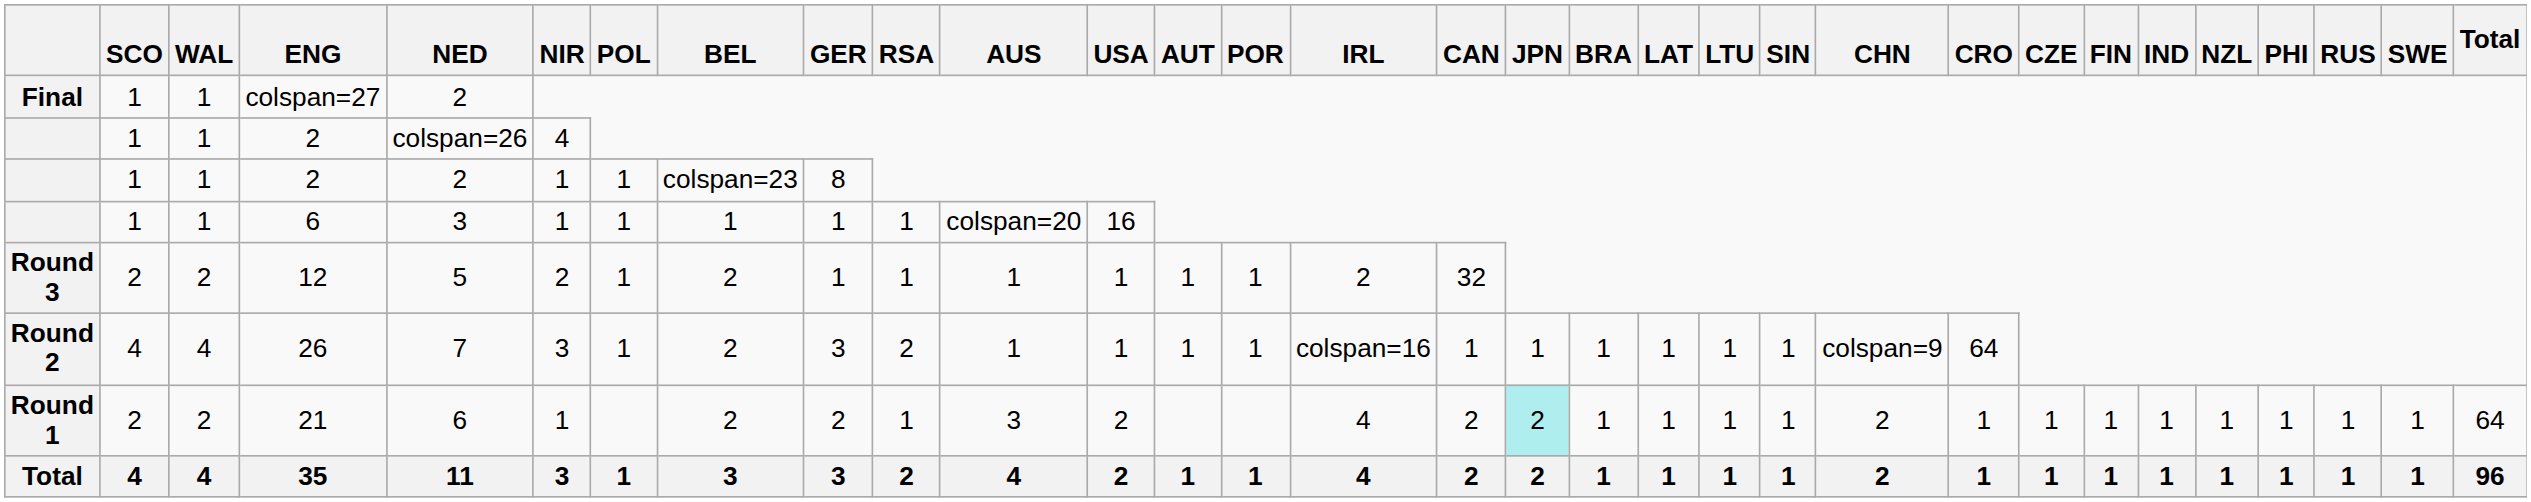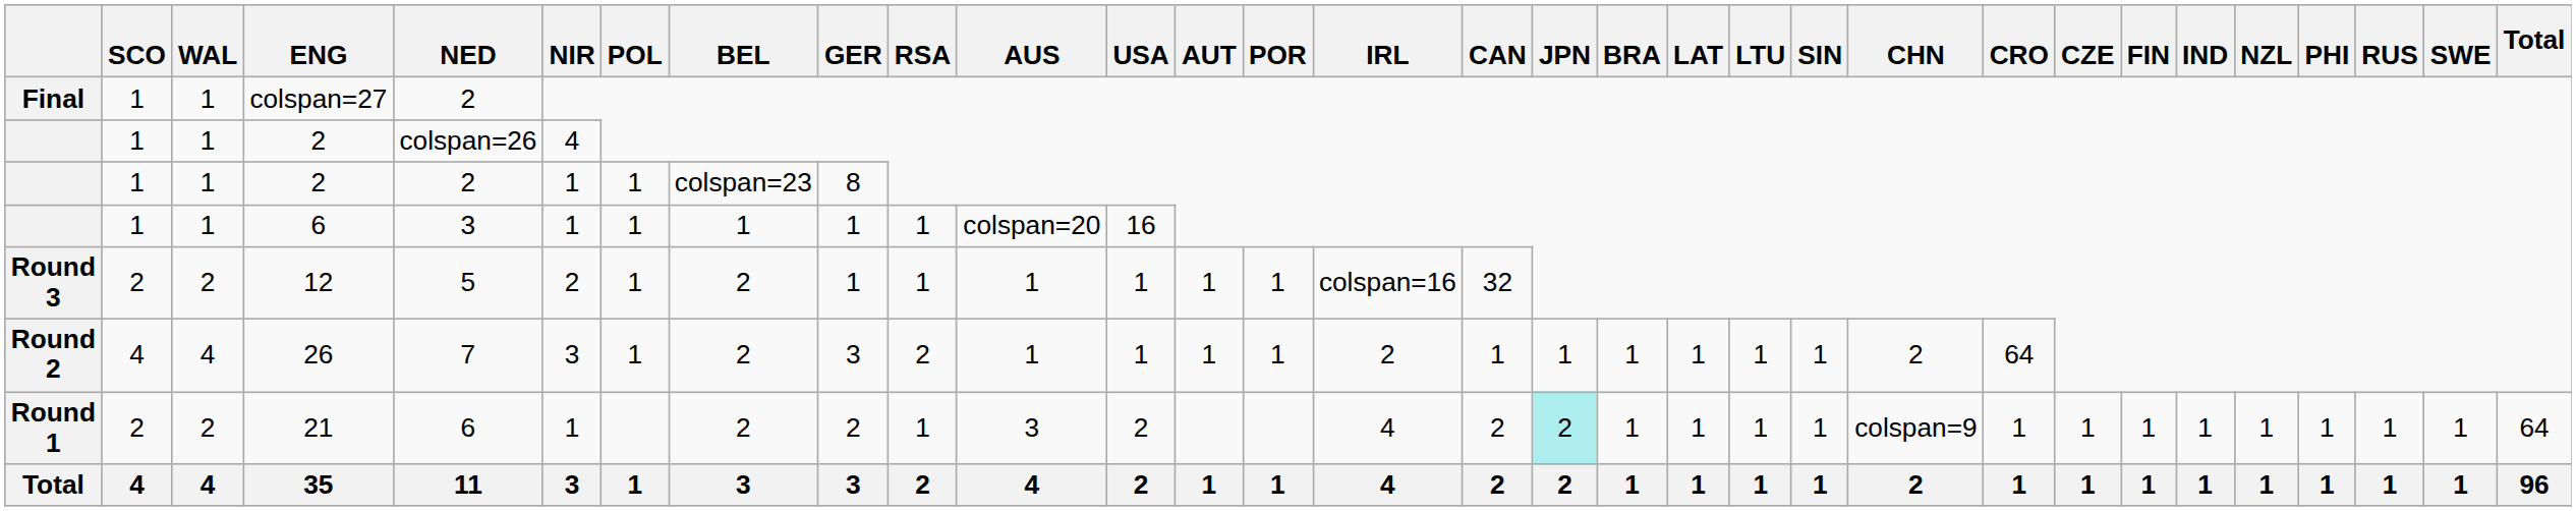 <table class="wikitable">
 <tr>
 <th></th>
 <th><br>SCO</th>
 <th><br>WAL</th>
 <th><br>ENG</th>
 <th><br>NED</th>
 <th><br>NIR</th>
 <th><br>POL</th>
 <th><br>BEL</th>
 <th><br>GER</th>
 <th><br>RSA</th>
 <th><br>AUS</th>
 <th><br>USA</th>
 <th><br>AUT</th>
 <th><br>POR</th>
 <th><br>IRL</th>
 <th><br>CAN</th>
 <th><br>JPN</th>
 <th><br>BRA</th>
 <th><br>LAT</th>
 <th><br>LTU</th>
 <th><br>SIN</th>
 <th><br>CHN</th>
 <th><br>CRO</th>
 <th><br>CZE</th>
 <th><br>FIN</th>
 <th><br>IND</th>
 <th><br>NZL</th>
 <th><br>PHI</th>
 <th><br>RUS</th>
 <th><br>SWE</th>
 <th>Total</th>
 </tr>
 <tr align="center">
 <th>Final</th>
 <td>1</td>
 <td>1</td>
 <td>colspan=27 </td>
 <td>2</td>
 </tr>
 <tr align="center">
 <th></th>
 <td>1</td>
 <td>1</td>
 <td>2</td>
 <td>colspan=26 </td>
 <td>4</td>
 </tr>
 <tr align="center">
 <th></th>
 <td>1</td>
 <td>1</td>
 <td>2</td>
 <td>2</td>
 <td>1</td>
 <td>1</td>
 <td>colspan=23 </td>
 <td>8</td>
 </tr>
 <tr align="center">
 <th></th>
 <td>1</td>
 <td>1</td>
 <td>6</td>
 <td>3</td>
 <td>1</td>
 <td>1</td>
 <td>1</td>
 <td>1</td>
 <td>1</td>
 <td>colspan=20 </td>
 <td>16</td>
 </tr>
 <tr align="center">
 <th>Round 3</th>
 <td>2</td>
 <td>2</td>
 <td>12</td>
 <td>5</td>
 <td>2</td>
 <td>1</td>
 <td>2</td>
 <td>1</td>
 <td>1</td>
 <td>1</td>
 <td>1</td>
 <td>1</td>
 <td>1</td>
-<td>2</td>
+<td>colspan=16 </td>
 <td>32</td>
 </tr>
 <tr align="center">
 <th>Round 2</th>
 <td>4</td>
 <td>4</td>
 <td>26</td>
 <td>7</td>
 <td>3</td>
 <td>1</td>
 <td>2</td>
 <td>3</td>
 <td>2</td>
 <td>1</td>
 <td>1</td>
 <td>1</td>
 <td>1</td>
-<td>colspan=16 </td>
+<td>2</td>
 <td>1</td>
 <td>1</td>
 <td>1</td>
 <td>1</td>
 <td>1</td>
 <td>1</td>
-<td>colspan=9</td>
+<td>2</td>
 <td>64</td>
 </tr>
 <tr align="center">
 <th>Round 1</th>
 <td>2</td>
 <td>2</td>
 <td>21</td>
 <td>6</td>
 <td>1</td>
 <td></td>
 <td>2</td>
 <td>2</td>
 <td>1</td>
 <td>3</td>
 <td>2</td>
 <td></td>
 <td></td>
 <td>4</td>
 <td>2</td>
 <td style="background: paleturquoise;">2</td>
 <td>1</td>
 <td>1</td>
 <td>1</td>
 <td>1</td>
-<td>2</td>
+<td>colspan=9</td>
 <td>1</td>
 <td>1</td>
 <td>1</td>
 <td>1</td>
 <td>1</td>
 <td>1</td>
 <td>1</td>
 <td>1</td>
 <td>64</td>
 </tr>
 <tr align="center">
 <th>Total</th>
 <th>4</th>
 <th>4</th>
 <th>35</th>
 <th>11</th>
 <th>3</th>
 <th>1</th>
 <th>3</th>
 <th>3</th>
 <th>2</th>
 <th>4</th>
 <th>2</th>
 <th>1</th>
 <th>1</th>
 <th>4</th>
 <th>2</th>
 <th>2</th>
 <th>1</th>
 <th>1</th>
 <th>1</th>
 <th>1</th>
 <th>2</th>
 <th>1</th>
 <th>1</th>
 <th>1</th>
 <th>1</th>
 <th>1</th>
 <th>1</th>
 <th>1</th>
 <th>1</th>
 <th>96</th>
 </tr>
 </table>
